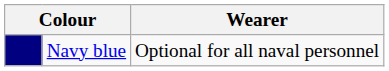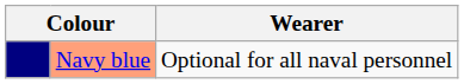 <table class="wikitable">
 <tr>
 <th colspan="2">Colour</th>
 <th>Wearer</th>
 </tr>
 <tr>
 <td style="background:navy;">      </td>
-<td><a href='#'>Navy blue</a></td>
+<td style="background: lightsalmon;"><a href='#'>Navy blue</a></td>
 <td>Optional for all naval personnel</td>
 </tr>
 </table>
